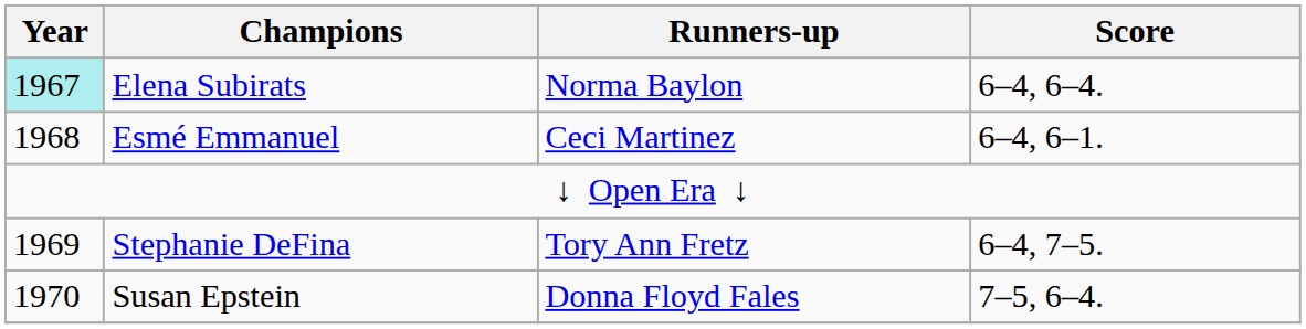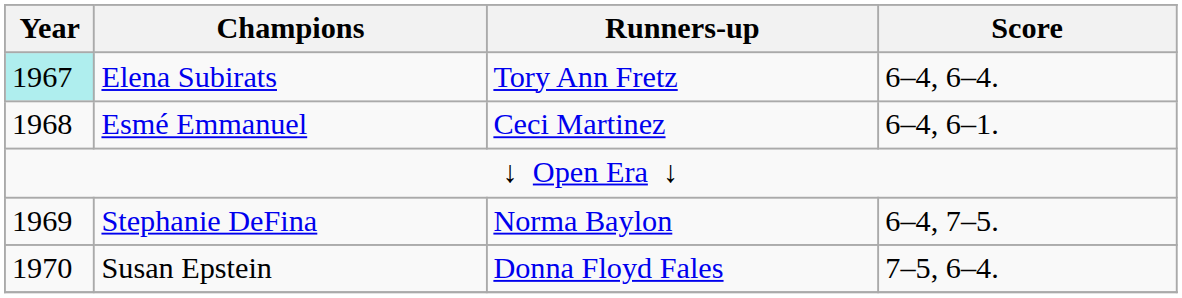 <table class="wikitable">
 <tr>
 <th style="width:40px">Year</th>
 <th style="width:200px">Champions</th>
 <th style="width:200px">Runners-up</th>
 <th style="width:150px" class="unsortable">Score</th>
 </tr>
 <tr>
 <td style="background: paleturquoise;">1967</td>
 <td> <a href='#'>Elena Subirats</a></td>
-<td> <a href='#'>Norma Baylon</a></td>
+<td> <a href='#'>Tory Ann Fretz</a></td>
 <td>6–4, 6–4.</td>
 </tr>
 <tr>
 <td>1968</td>
 <td> <a href='#'>Esmé Emmanuel</a></td>
 <td> <a href='#'>Ceci Martinez</a></td>
 <td>6–4, 6–1.</td>
 </tr>
 <tr>
 <td colspan=4 align=center>↓  <a href='#'>Open Era</a>  ↓</td>
 </tr>
 <tr>
 <td>1969</td>
 <td> <a href='#'>Stephanie DeFina</a></td>
-<td> <a href='#'>Tory Ann Fretz</a></td>
+<td> <a href='#'>Norma Baylon</a></td>
 <td>6–4, 7–5.</td>
 </tr>
 <tr>
 <td>1970</td>
 <td> Susan Epstein</td>
 <td> <a href='#'>Donna Floyd Fales</a></td>
 <td>7–5, 6–4.</td>
 </tr>
 <tr>
 </tr>
 </table>
